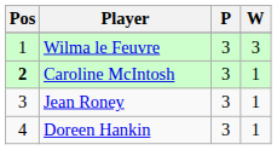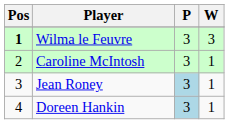 <table class="wikitable">
 <tr>
 <th width=20>Pos</th>
 <th width=150>Player</th>
 <th width=20>P</th>
 <th width=20>W</th>
 </tr>
 <tr>
 </tr>
 <tr align=center style="background: #ccffcc;">
-<td>1</td>
+<td><strong>1</strong></td>
 <td align="left"> <a href='#'>Wilma le Feuvre</a></td>
 <td>3</td>
 <td>3</td>
 </tr>
 <tr align=center style="background: #ccffcc;">
-<td><strong>2</strong></td>
+<td>2</td>
 <td align="left"> <a href='#'>Caroline McIntosh</a></td>
 <td>3</td>
 <td>1</td>
 </tr>
 <tr align=center>
 <td>3</td>
 <td align="left"> <a href='#'>Jean Roney</a></td>
-<td>3</td>
+<td style="background: lightblue;">3</td>
 <td>1</td>
 </tr>
 <tr align=center>
 <td>4</td>
 <td align="left"> <a href='#'>Doreen Hankin</a></td>
-<td>3</td>
+<td style="background: lightblue;">3</td>
 <td>1</td>
 </tr>
 </table>
